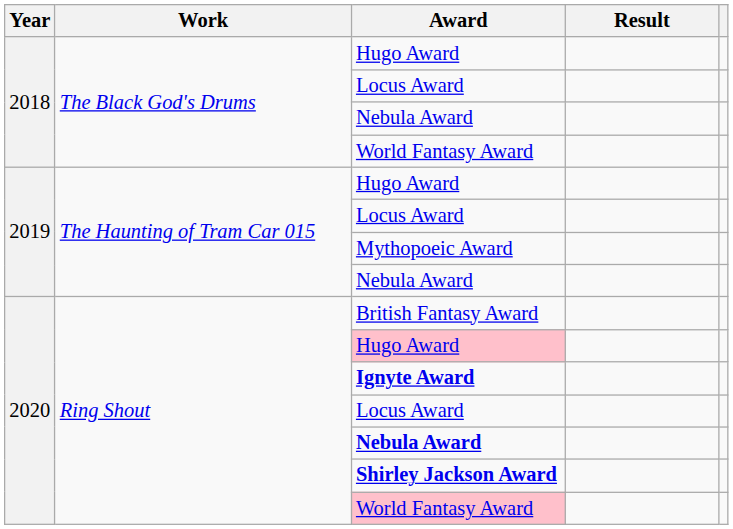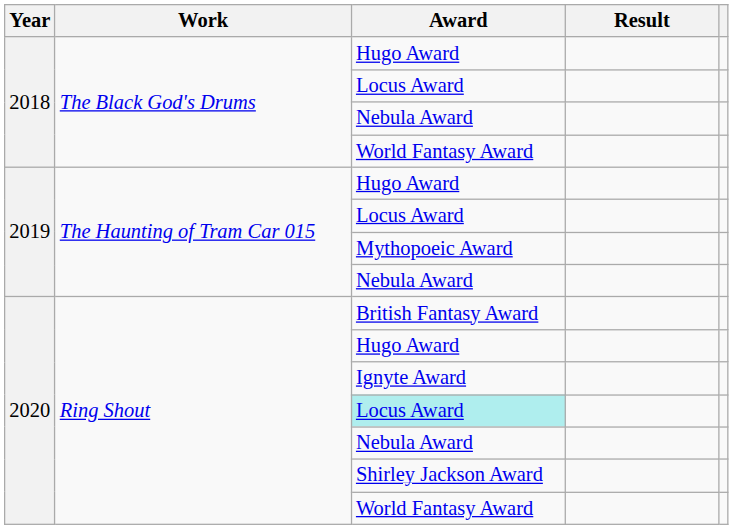 <table class="wikitable">
 <tr>
 <th scope=col>Year</th>
 <th scope=col style="min-width: 14em">Work</th>
 <th scope=col style="min-width: 10em">Award</th>
 <th scope=col style="min-width: 7em">Result</th>
 <th scope=col class=unsortable></th>
 </tr>
 <tr>
 <th scope=row rowspan=4 style="font-weight: normal">2018</th>
 <td rowspan=4><em><a href='#'>The Black God's Drums</a></em></td>
 <td><a href='#'>Hugo Award</a></td>
 <td></td>
 <td style="text-align: center"></td>
 </tr>
 <tr>
 <td><a href='#'>Locus Award</a></td>
 <td></td>
 <td style="text-align: center"></td>
 </tr>
 <tr>
 <td><a href='#'>Nebula Award</a></td>
 <td></td>
 <td style="text-align: center"></td>
 </tr>
 <tr>
 <td><a href='#'>World Fantasy Award</a></td>
 <td></td>
 <td style="text-align: center"></td>
 </tr>
 <tr>
 <th scope=row rowspan=4 style="font-weight: normal">2019</th>
 <td rowspan=4><em><a href='#'>The Haunting of Tram Car 015</a></em></td>
 <td><a href='#'>Hugo Award</a></td>
 <td></td>
 <td style="text-align: center"></td>
 </tr>
 <tr>
 <td><a href='#'>Locus Award</a></td>
 <td></td>
 <td style="text-align: center"></td>
 </tr>
 <tr>
 <td><a href='#'>Mythopoeic Award</a></td>
 <td></td>
 <td style="text-align: center"></td>
 </tr>
 <tr>
 <td><a href='#'>Nebula Award</a></td>
 <td></td>
 <td style="text-align: center"></td>
 </tr>
 <tr>
 <th rowspan="7" scope="row" style="font-weight: normal">2020</th>
 <td rowspan="7"><em><a href='#'>Ring Shout</a></em></td>
 <td><a href='#'>British Fantasy Award</a></td>
 <td></td>
 <td style="text-align: center"></td>
 </tr>
 <tr>
-<td style="background: pink;"><a href='#'>Hugo Award</a></td>
+<td><a href='#'>Hugo Award</a></td>
 <td></td>
 <td style="text-align: center"></td>
 </tr>
 <tr>
-<td><strong><a href='#'>Ignyte Award</a></strong></td>
+<td><a href='#'>Ignyte Award</a></td>
 <td></td>
 <td></td>
 </tr>
 <tr>
-<td><a href='#'>Locus Award</a></td>
+<td style="background: paleturquoise;"><a href='#'>Locus Award</a></td>
 <td></td>
 <td style="text-align: center"></td>
 </tr>
 <tr>
-<td><strong><a href='#'>Nebula Award</a></strong></td>
+<td><a href='#'>Nebula Award</a></td>
 <td></td>
 <td style="text-align: center"></td>
 </tr>
 <tr>
-<td><strong><a href='#'>Shirley Jackson Award</a></strong></td>
+<td><a href='#'>Shirley Jackson Award</a></td>
 <td></td>
 <td style="text-align: center"></td>
 </tr>
 <tr>
-<td style="background: pink;"><a href='#'>World Fantasy Award</a></td>
+<td><a href='#'>World Fantasy Award</a></td>
 <td></td>
 <td style="text-align: center"></td>
 </tr>
 </table>
